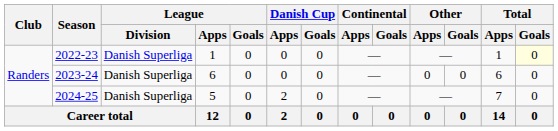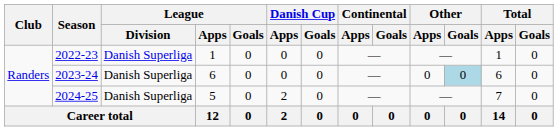 <table class="wikitable" style="text-align:center">
 <tr>
 <th rowspan="2">Club</th>
 <th rowspan="2">Season</th>
 <th colspan="3">League</th>
 <th colspan="2"><a href='#'>Danish Cup</a></th>
 <th colspan="2">Continental</th>
 <th colspan="2">Other</th>
 <th colspan="2">Total</th>
 </tr>
 <tr>
 <th>Division</th>
 <th>Apps</th>
 <th>Goals</th>
 <th>Apps</th>
 <th>Goals</th>
 <th>Apps</th>
 <th>Goals</th>
 <th>Apps</th>
 <th>Goals</th>
 <th>Apps</th>
 <th>Goals</th>
 </tr>
 <tr>
 <td rowspan="3"><a href='#'>Randers</a></td>
 <td><a href='#'>2022-23</a></td>
 <td><a href='#'>Danish Superliga</a></td>
 <td>1</td>
 <td>0</td>
 <td>0</td>
 <td>0</td>
 <td colspan="2">—</td>
 <td colspan="2">—</td>
 <td>1</td>
-<td style="background: lightyellow;">0</td>
+<td>0</td>
 </tr>
 <tr>
 <td><a href='#'>2023-24</a></td>
 <td>Danish Superliga</td>
 <td>6</td>
 <td>0</td>
 <td>0</td>
 <td>0</td>
 <td colspan="2">—</td>
 <td>0</td>
-<td>0</td>
+<td style="background: lightblue;">0</td>
 <td>6</td>
 <td>0</td>
 </tr>
 <tr>
 <td><a href='#'>2024-25</a></td>
 <td>Danish Superliga</td>
 <td>5</td>
 <td>0</td>
 <td>2</td>
 <td>0</td>
 <td colspan="2">—</td>
 <td colspan="2">—</td>
 <td>7</td>
 <td>0</td>
 </tr>
 <tr>
 <th colspan="3">Career total</th>
 <th>12</th>
 <th>0</th>
 <th>2</th>
 <th>0</th>
 <th>0</th>
 <th>0</th>
 <th>0</th>
 <th>0</th>
 <th>14</th>
 <th>0</th>
 </tr>
 </table>
